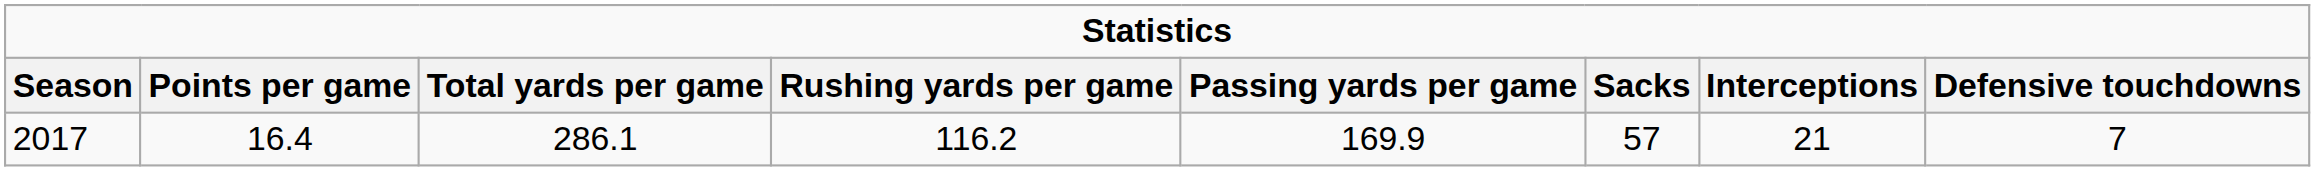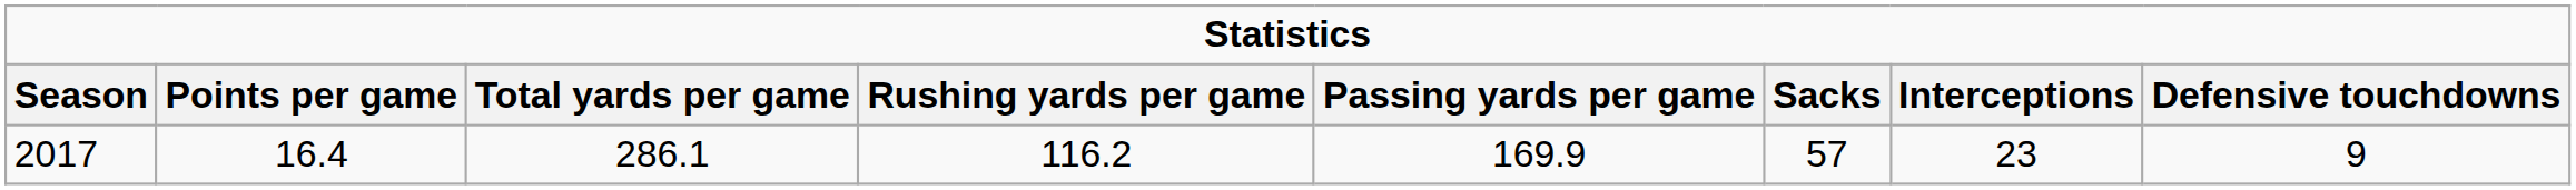 <table class="wikitable">
 <tr>
 <td colspan="8" style="text-align:center; "><strong>Statistics</strong></td>
 </tr>
 <tr>
 <th>Season</th>
 <th>Points per game</th>
 <th>Total yards per game</th>
 <th>Rushing yards per game</th>
 <th>Passing yards per game</th>
 <th>Sacks</th>
 <th>Interceptions</th>
 <th>Defensive touchdowns</th>
 </tr>
 <tr>
 <td 2017 Jacksonville Jaguars season>2017</td>
 <td align=center>16.4</td>
 <td align=center>286.1</td>
 <td align=center>116.2</td>
 <td align=center>169.9</td>
 <td align=center>57</td>
-<td align=center>21</td>
-<td align=center>7</td>
+<td align=center>23</td>
+<td align=center>9</td>
 </tr>
 </table>
